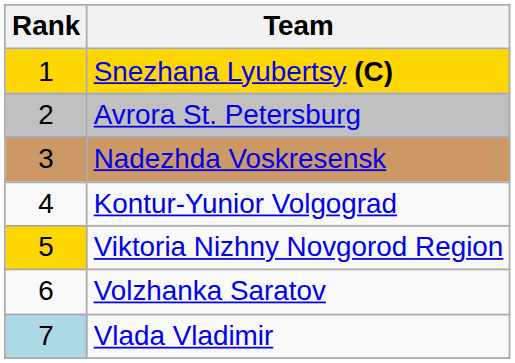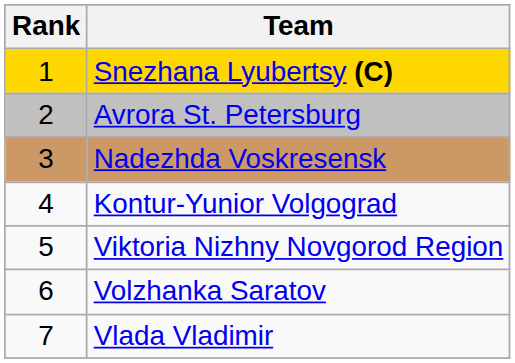 <table class="wikitable" style="text-align: center;">
 <tr>
 <th width=40>Rank</th>
 <th>Team</th>
 </tr>
 <tr style="background:gold">
 <td>1</td>
 <td align=left> <a href='#'>Snezhana Lyubertsy</a> <strong>(C)</strong></td>
 </tr>
 <tr style="background:silver">
 <td>2</td>
 <td align=left> <a href='#'>Avrora St. Petersburg</a></td>
 </tr>
 <tr style="background:#CC9966">
 <td>3</td>
 <td align=left> <a href='#'>Nadezhda Voskresensk</a></td>
 </tr>
 <tr>
 <td>4</td>
 <td align=left> <a href='#'>Kontur-Yunior Volgograd</a></td>
 </tr>
 <tr>
-<td style="background: gold;">5</td>
+<td>5</td>
 <td align=left> <a href='#'>Viktoria Nizhny Novgorod Region</a></td>
 </tr>
 <tr>
 <td>6</td>
 <td align=left> <a href='#'>Volzhanka Saratov</a></td>
 </tr>
 <tr>
-<td style="background: lightblue;">7</td>
+<td>7</td>
 <td align=left> <a href='#'>Vlada Vladimir</a></td>
 </tr>
 </table>
